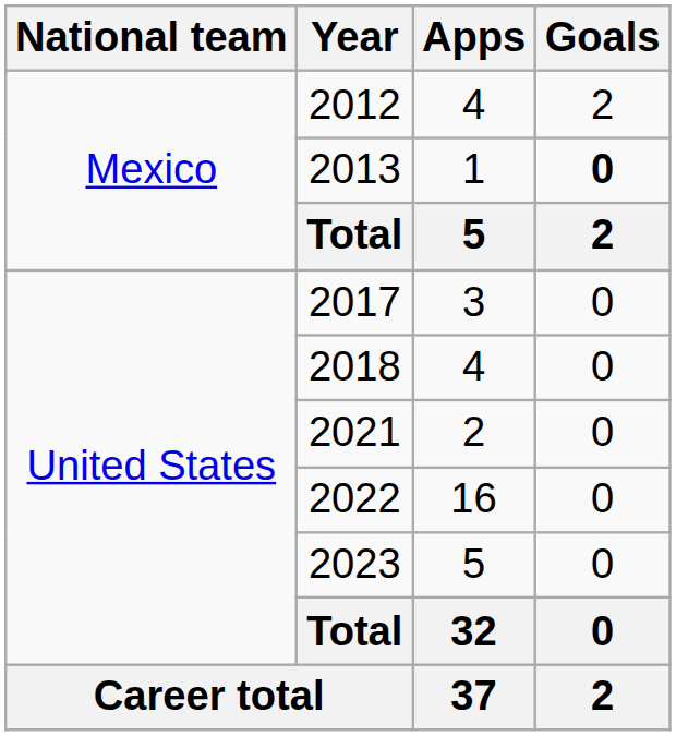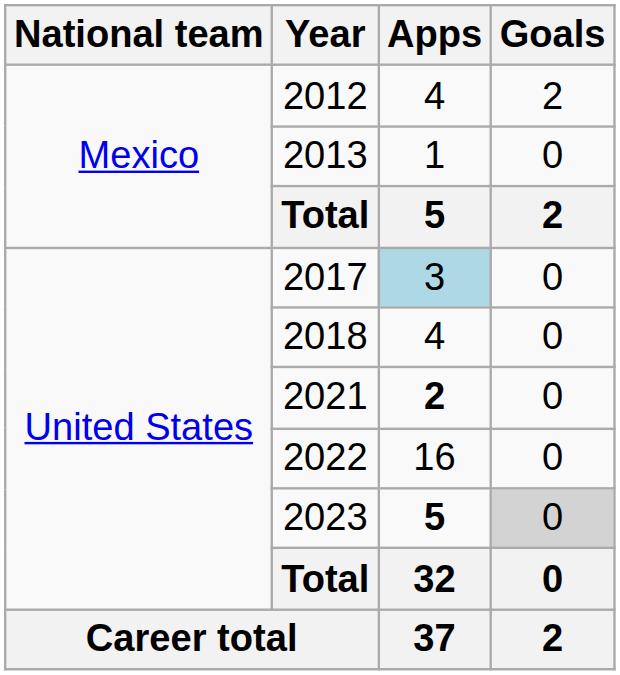 <table class="wikitable" style="text-align:center">
 <tr>
 <th>National team</th>
 <th>Year</th>
 <th>Apps</th>
 <th>Goals</th>
 </tr>
 <tr>
 <td rowspan="3"><a href='#'>Mexico</a></td>
 <td>2012</td>
 <td>4</td>
 <td>2</td>
 </tr>
 <tr>
 <td>2013</td>
 <td>1</td>
-<td><strong>0</strong></td>
+<td>0</td>
 </tr>
 <tr>
 <th>Total</th>
 <th>5</th>
 <th>2</th>
 </tr>
 <tr>
 <td rowspan=6><a href='#'>United States</a></td>
 <td>2017</td>
-<td>3</td>
+<td style="background: lightblue;">3</td>
 <td>0</td>
 </tr>
 <tr>
 <td>2018</td>
 <td>4</td>
 <td>0</td>
 </tr>
 <tr>
 <td>2021</td>
-<td>2</td>
+<td><strong>2</strong></td>
 <td>0</td>
 </tr>
 <tr>
 <td>2022</td>
 <td>16</td>
 <td>0</td>
 </tr>
 <tr>
 <td>2023</td>
-<td>5</td>
-<td>0</td>
+<td><strong>5</strong></td>
+<td style="background: lightgrey;">0</td>
 </tr>
 <tr>
 <th>Total</th>
 <th>32</th>
 <th>0</th>
 </tr>
 <tr>
 <th colspan=2>Career total</th>
 <th>37</th>
 <th>2</th>
 </tr>
 </table>
